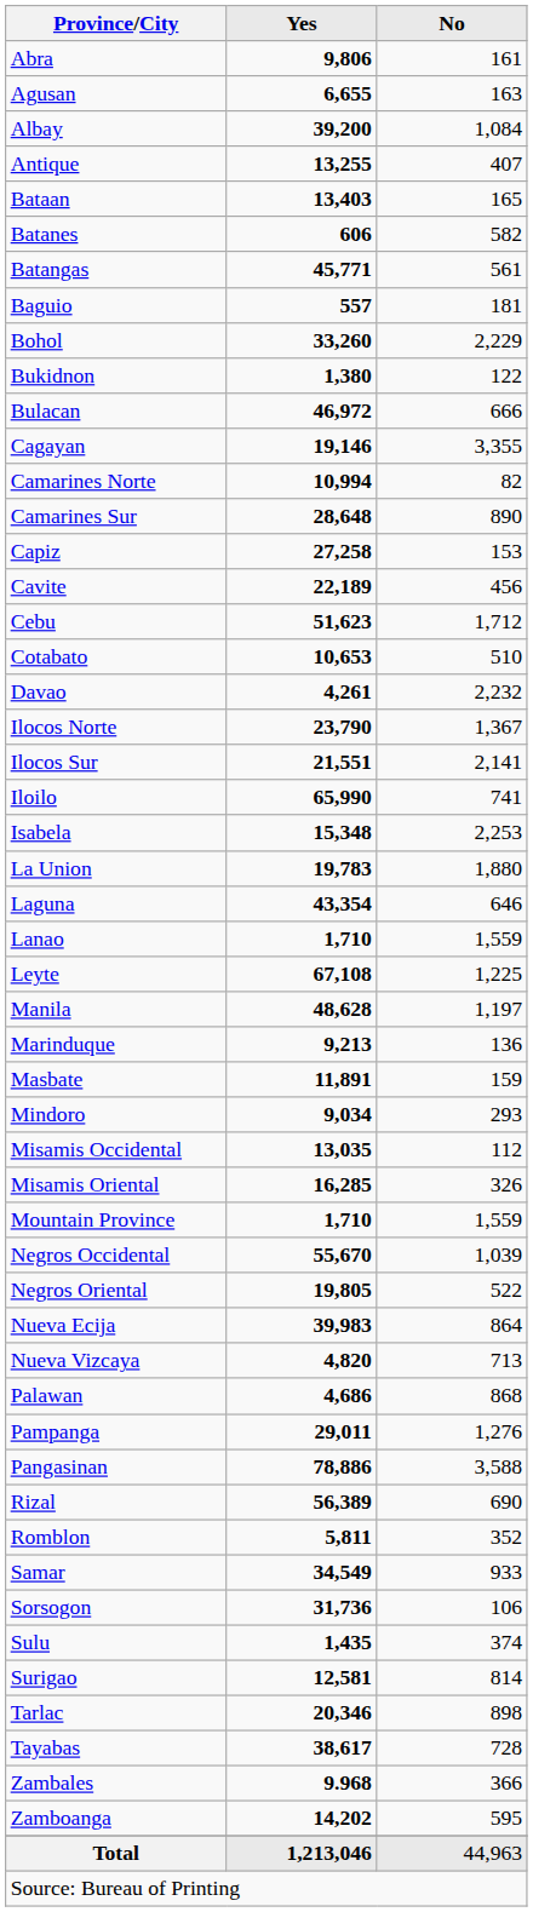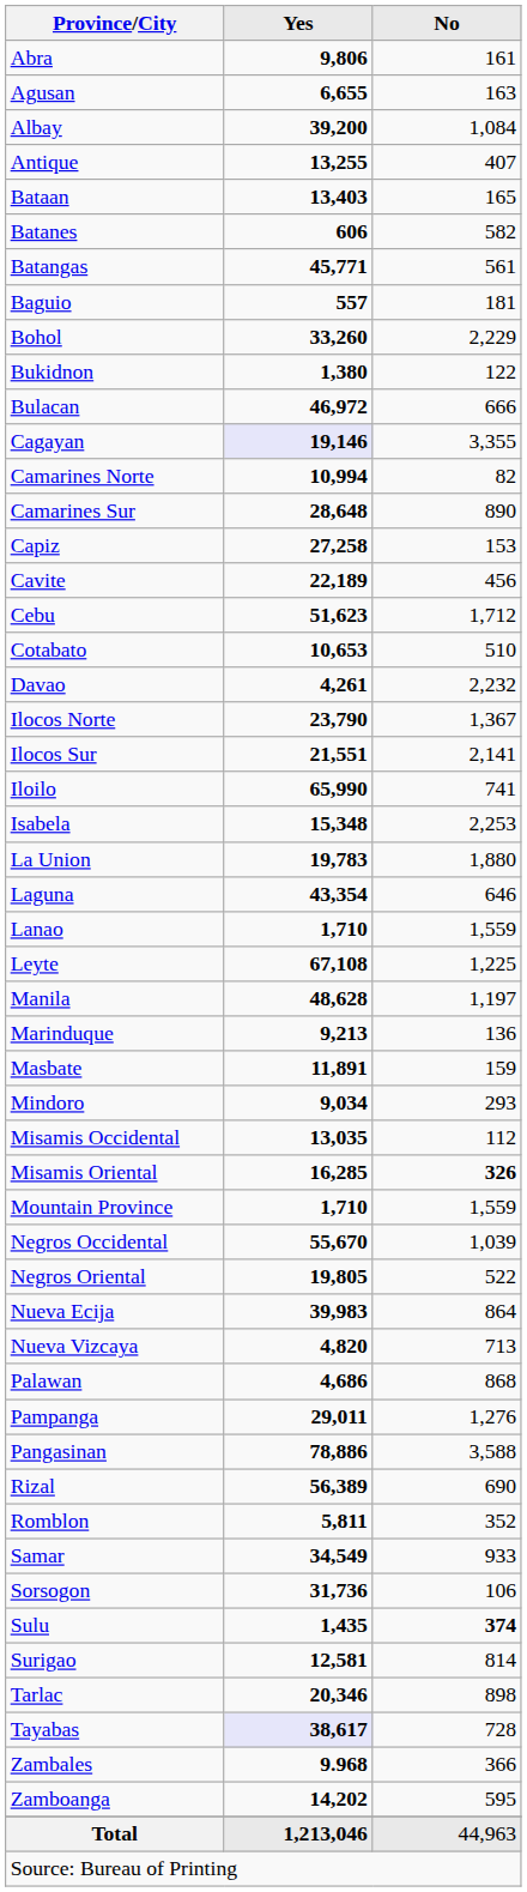 <table class="wikitable" style="text-align:right; font-size:95%">
 <tr>
 <th width="150px" align="left"><a href='#'>Province</a>/<a href='#'>City</a></th>
 <th width="100px" align="center" style="background: #E9E9E9">Yes</th>
 <th width="100px" align="center" style="background: #E9E9E9">No</th>
 </tr>
 <tr>
 <td align="left"><a href='#'>Abra</a></td>
 <td><strong>9,806</strong></td>
 <td>161</td>
 </tr>
 <tr>
 <td align="left"><a href='#'>Agusan</a></td>
 <td><strong>6,655</strong></td>
 <td>163</td>
 </tr>
 <tr>
 <td align="left"><a href='#'>Albay</a></td>
 <td><strong>39,200</strong></td>
 <td>1,084</td>
 </tr>
 <tr>
 <td align="left"><a href='#'>Antique</a></td>
 <td><strong>13,255</strong></td>
 <td>407</td>
 </tr>
 <tr>
 <td align="left"><a href='#'>Bataan</a></td>
 <td><strong>13,403</strong></td>
 <td>165</td>
 </tr>
 <tr>
 <td align="left"><a href='#'>Batanes</a></td>
 <td><strong>606</strong></td>
 <td>582</td>
 </tr>
 <tr>
 <td align="left"><a href='#'>Batangas</a></td>
 <td><strong>45,771</strong></td>
 <td>561</td>
 </tr>
 <tr>
 <td align="left"><a href='#'>Baguio</a></td>
 <td><strong>557</strong></td>
 <td>181</td>
 </tr>
 <tr>
 <td align="left"><a href='#'>Bohol</a></td>
 <td><strong>33,260</strong></td>
 <td>2,229</td>
 </tr>
 <tr>
 <td align="left"><a href='#'>Bukidnon</a></td>
 <td><strong>1,380</strong></td>
 <td>122</td>
 </tr>
 <tr>
 <td align="left"><a href='#'>Bulacan</a></td>
 <td><strong>46,972</strong></td>
 <td>666</td>
 </tr>
 <tr>
 <td align="left"><a href='#'>Cagayan</a></td>
-<td><strong>19,146</strong></td>
+<td style="background: lavender;"><strong>19,146</strong></td>
 <td>3,355</td>
 </tr>
 <tr>
 <td align="left"><a href='#'>Camarines Norte</a></td>
 <td><strong>10,994</strong></td>
 <td>82</td>
 </tr>
 <tr>
 <td align="left"><a href='#'>Camarines Sur</a></td>
 <td><strong>28,648</strong></td>
 <td>890</td>
 </tr>
 <tr>
 <td align="left"><a href='#'>Capiz</a></td>
 <td><strong>27,258</strong></td>
 <td>153</td>
 </tr>
 <tr>
 <td align="left"><a href='#'>Cavite</a></td>
 <td><strong>22,189</strong></td>
 <td>456</td>
 </tr>
 <tr>
 <td align="left"><a href='#'>Cebu</a></td>
 <td><strong>51,623</strong></td>
 <td>1,712</td>
 </tr>
 <tr>
 <td align="left"><a href='#'>Cotabato</a></td>
 <td><strong>10,653</strong></td>
 <td>510</td>
 </tr>
 <tr>
 <td align="left"><a href='#'>Davao</a></td>
 <td><strong>4,261</strong></td>
 <td>2,232</td>
 </tr>
 <tr>
 <td align="left"><a href='#'>Ilocos Norte</a></td>
 <td><strong>23,790</strong></td>
 <td>1,367</td>
 </tr>
 <tr>
 <td align="left"><a href='#'>Ilocos Sur</a></td>
 <td><strong>21,551</strong></td>
 <td>2,141</td>
 </tr>
 <tr>
 <td align="left"><a href='#'>Iloilo</a></td>
 <td><strong>65,990</strong></td>
 <td>741</td>
 </tr>
 <tr>
 <td align="left"><a href='#'>Isabela</a></td>
 <td><strong>15,348</strong></td>
 <td>2,253</td>
 </tr>
 <tr>
 <td align="left"><a href='#'>La Union</a></td>
 <td><strong>19,783</strong></td>
 <td>1,880</td>
 </tr>
 <tr>
 <td align="left"><a href='#'>Laguna</a></td>
 <td><strong>43,354</strong></td>
 <td>646</td>
 </tr>
 <tr>
 <td align="left"><a href='#'>Lanao</a></td>
 <td><strong>1,710</strong></td>
 <td>1,559</td>
 </tr>
 <tr>
 <td align="left"><a href='#'>Leyte</a></td>
 <td><strong>67,108</strong></td>
 <td>1,225</td>
 </tr>
 <tr>
 <td align="left"><a href='#'>Manila</a></td>
 <td><strong>48,628</strong></td>
 <td>1,197</td>
 </tr>
 <tr>
 <td align="left"><a href='#'>Marinduque</a></td>
 <td><strong>9,213</strong></td>
 <td>136</td>
 </tr>
 <tr>
 <td align="left"><a href='#'>Masbate</a></td>
 <td><strong>11,891</strong></td>
 <td>159</td>
 </tr>
 <tr>
 <td align="left"><a href='#'>Mindoro</a></td>
 <td><strong>9,034</strong></td>
 <td>293</td>
 </tr>
 <tr>
 <td align="left"><a href='#'>Misamis Occidental</a></td>
 <td><strong>13,035</strong></td>
 <td>112</td>
 </tr>
 <tr>
 <td align="left"><a href='#'>Misamis Oriental</a></td>
 <td><strong>16,285</strong></td>
-<td>326</td>
+<td><strong>326</strong></td>
 </tr>
 <tr>
 <td align="left"><a href='#'>Mountain Province</a></td>
 <td><strong>1,710</strong></td>
 <td>1,559</td>
 </tr>
 <tr>
 <td align="left"><a href='#'>Negros Occidental</a></td>
 <td><strong>55,670</strong></td>
 <td>1,039</td>
 </tr>
 <tr>
 <td align="left"><a href='#'>Negros Oriental</a></td>
 <td><strong>19,805</strong></td>
 <td>522</td>
 </tr>
 <tr>
 <td align="left"><a href='#'>Nueva Ecija</a></td>
 <td><strong>39,983</strong></td>
 <td>864</td>
 </tr>
 <tr>
 <td align="left"><a href='#'>Nueva Vizcaya</a></td>
 <td><strong>4,820</strong></td>
 <td>713</td>
 </tr>
 <tr>
 <td align="left"><a href='#'>Palawan</a></td>
 <td><strong>4,686</strong></td>
 <td>868</td>
 </tr>
 <tr>
 <td align="left"><a href='#'>Pampanga</a></td>
 <td><strong>29,011</strong></td>
 <td>1,276</td>
 </tr>
 <tr>
 <td align="left"><a href='#'>Pangasinan</a></td>
 <td><strong>78,886</strong></td>
 <td>3,588</td>
 </tr>
 <tr>
 <td align="left"><a href='#'>Rizal</a></td>
 <td><strong>56,389</strong></td>
 <td>690</td>
 </tr>
 <tr>
 <td align="left"><a href='#'>Romblon</a></td>
 <td><strong>5,811</strong></td>
 <td>352</td>
 </tr>
 <tr>
 <td align="left"><a href='#'>Samar</a></td>
 <td><strong>34,549</strong></td>
 <td>933</td>
 </tr>
 <tr>
 <td align="left"><a href='#'>Sorsogon</a></td>
 <td><strong>31,736</strong></td>
 <td>106</td>
 </tr>
 <tr>
 <td align="left"><a href='#'>Sulu</a></td>
 <td><strong>1,435</strong></td>
-<td>374</td>
+<td><strong>374</strong></td>
 </tr>
 <tr>
 <td align="left"><a href='#'>Surigao</a></td>
 <td><strong>12,581</strong></td>
 <td>814</td>
 </tr>
 <tr>
 <td align="left"><a href='#'>Tarlac</a></td>
 <td><strong>20,346</strong></td>
 <td>898</td>
 </tr>
 <tr>
 <td align="left"><a href='#'>Tayabas</a></td>
-<td><strong>38,617</strong></td>
+<td style="background: lavender;"><strong>38,617</strong></td>
 <td>728</td>
 </tr>
 <tr>
 <td align="left"><a href='#'>Zambales</a></td>
 <td><strong>9.968</strong></td>
 <td>366</td>
 </tr>
 <tr>
 <td align="left"><a href='#'>Zamboanga</a></td>
 <td><strong>14,202</strong></td>
 <td>595</td>
 </tr>
 <tr>
 </tr>
 <tr style="background:#E9E9E9">
 <th align="center"><strong>Total</strong></th>
 <td><strong>1,213,046</strong></td>
 <td>44,963</td>
 </tr>
 <tr>
 <td colspan="3" align="left">Source: Bureau of Printing</td>
 </tr>
 </table>
